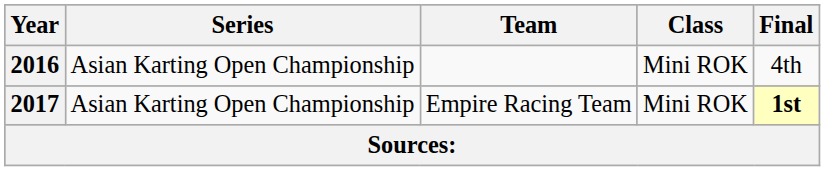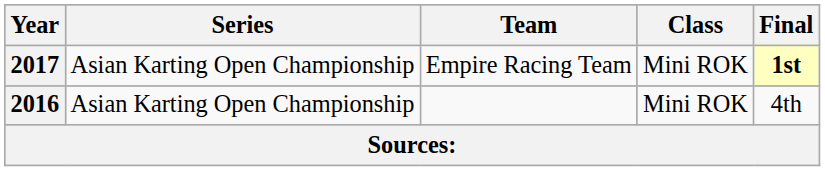 <table class="wikitable" style="text-align:center; font-size:90%">
 <tr>
 <th>Year</th>
 <th>Series</th>
 <th>Team</th>
 <th>Class</th>
 <th>Final</th>
 </tr>
 <tr>
+<th>2017</th>
+<td align="left">Asian Karting Open Championship</td>
+<td align="left">Empire Racing Team</td>
+<td align="left">Mini ROK</td>
+<td style="background:#FFFFBF;"><strong>1st</strong></td>
+</tr>
+<tr>
 <th>2016</th>
 <td align="left">Asian Karting Open Championship</td>
 <td align="left"></td>
 <td align="left">Mini ROK</td>
 <td>4th</td>
 </tr>
 <tr>
-<th>2017</th>
-<td align="left">Asian Karting Open Championship</td>
-<td align="left">Empire Racing Team</td>
-<td align="left">Mini ROK</td>
-<td style="background:#FFFFBF;"><strong>1st</strong></td>
-</tr>
-<tr>
 <th colspan="5">Sources:</th>
 </tr>
 </table>
